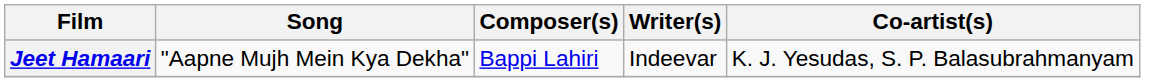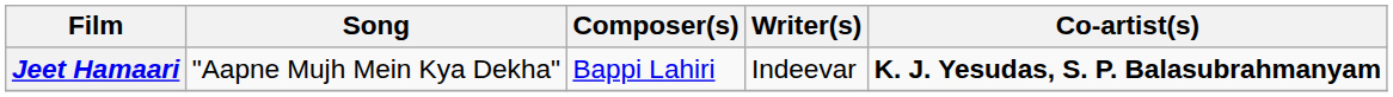 <table class="wikitable sortable">
 <tr>
 <th>Film</th>
 <th>Song</th>
 <th>Composer(s)</th>
 <th>Writer(s)</th>
 <th>Co-artist(s)</th>
 </tr>
 <tr>
 <th><em><a href='#'>Jeet Hamaari</a></em></th>
 <td>"Aapne Mujh Mein Kya Dekha"</td>
 <td><a href='#'>Bappi Lahiri</a></td>
 <td>Indeevar</td>
-<td>K. J. Yesudas, S. P. Balasubrahmanyam</td>
+<td><strong>K. J. Yesudas, S. P. Balasubrahmanyam</strong></td>
 </tr>
 <tr>
 </tr>
 </table>
